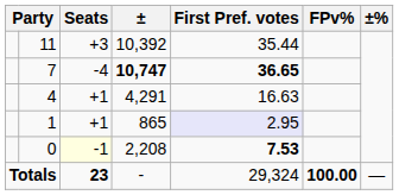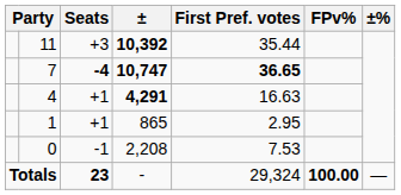 <table class=wikitable>
 <tr>
 <th colspan=2 align=center>Party</th>
 <th valign=top>Seats</th>
 <th valign=top>±</th>
 <th valign=top>First Pref. votes</th>
 <th valign=top>FPv%</th>
 <th valign=top>±%</th>
 </tr>
 <tr>
 <td></td>
 <td align=right>11</td>
 <td align=right>+3</td>
-<td align=right>10,392</td>
+<td align=right><strong>10,392</strong></td>
 <td align=right>35.44</td>
 <td align=right></td>
 </tr>
 <tr>
 <td></td>
 <td align=right>7</td>
-<td align=right>-4</td>
+<td align=right><strong>-4</strong></td>
 <td align=right><strong>10,747</strong></td>
 <td align=right><strong>36.65</strong></td>
 <td align=right></td>
 </tr>
 <tr>
 <td></td>
 <td align=right>4</td>
 <td align=right>+1</td>
-<td align=right>4,291</td>
+<td align=right><strong>4,291</strong></td>
 <td align=right>16.63</td>
 <td align=right></td>
 </tr>
 <tr>
 <td></td>
 <td align=right>1</td>
 <td align=right>+1</td>
 <td align=right>865</td>
-<td align=right style="background: lavender;">2.95</td>
+<td align=right>2.95</td>
 <td align=right></td>
 </tr>
 <tr>
 <td></td>
 <td align=right>0</td>
-<td align=right style="background: lightyellow;">-1</td>
+<td align=right>-1</td>
 <td align=right>2,208</td>
-<td align=right><strong>7.53</strong></td>
+<td align=right>7.53</td>
 <td align=right></td>
 </tr>
 <tr>
 <td colspan=2 align=center><strong>Totals</strong></td>
 <td align=right><strong>23</strong></td>
 <td align=center>-</td>
 <td align=right>29,324</td>
 <td align=center><strong>100.00</strong></td>
 <td align=center>—</td>
 </tr>
 </table>
